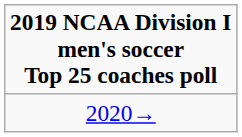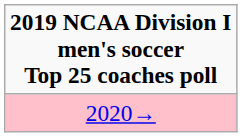 <table class="wikitable" style="text-align: center;">
 <tr>
 <td><strong>2019 NCAA Division I<br>men's soccer<br>Top 25 coaches poll</strong></td>
 </tr>
 <tr>
-<td><a href='#'>2020→</a></td>
+<td style="background: pink;"><a href='#'>2020→</a></td>
 </tr>
 </table>
